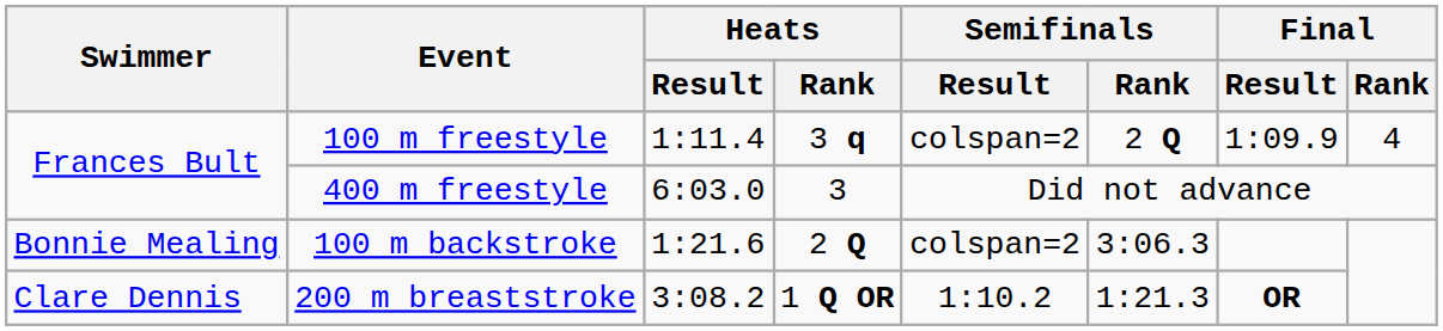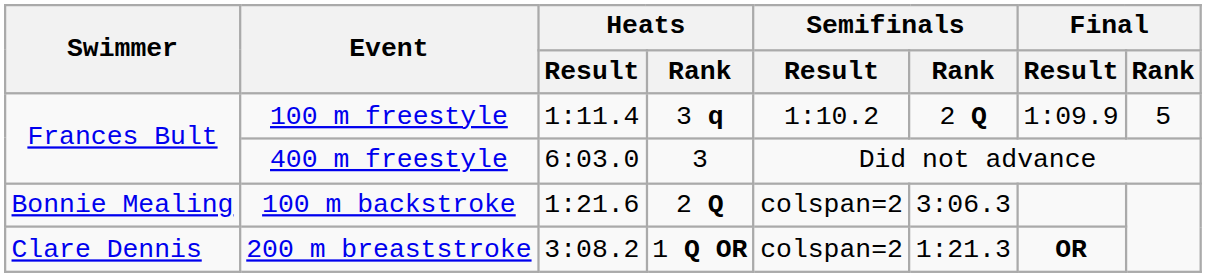 <table class=wikitable style="font-size:90%">
 <tr>
 <th rowspan=2>Swimmer</th>
 <th rowspan=2>Event</th>
 <th colspan=2>Heats</th>
 <th colspan=2>Semifinals</th>
 <th colspan=2>Final</th>
 </tr>
 <tr>
 <th>Result</th>
 <th>Rank</th>
 <th>Result</th>
 <th>Rank</th>
 <th>Result</th>
 <th>Rank</th>
 </tr>
 <tr>
 <td align=center rowspan=2><a href='#'>Frances Bult</a></td>
 <td align=center><a href='#'>100 m freestyle</a></td>
 <td align=center>1:11.4</td>
 <td align=center>3 <strong>q</strong></td>
-<td>colspan=2 </td>
+<td align=center>1:10.2</td>
 <td align=center>2 <strong>Q</strong></td>
 <td align=center>1:09.9</td>
-<td align=center>4</td>
+<td align=center>5</td>
 </tr>
 <tr>
 <td align=center><a href='#'>400 m freestyle</a></td>
 <td align=center>6:03.0</td>
 <td align=center>3</td>
 <td align=center colspan=4>Did not advance</td>
 </tr>
 <tr>
 <td align=center><a href='#'>Bonnie Mealing</a></td>
 <td align=center><a href='#'>100 m backstroke</a></td>
 <td align=center>1:21.6</td>
 <td align=center>2 <strong>Q</strong></td>
 <td>colspan=2 </td>
 <td align=center>3:06.3</td>
 <td align=center></td>
 </tr>
 <tr>
 <td align=left><a href='#'>Clare Dennis</a></td>
 <td align=center><a href='#'>200 m breaststroke</a></td>
 <td align=center>3:08.2</td>
 <td align=center>1 <strong>Q</strong> <strong>OR</strong></td>
-<td align=center>1:10.2</td>
+<td>colspan=2 </td>
 <td align=center>1:21.3</td>
 <td align=center> <strong>OR</strong></td>
 </tr>
 </table>
